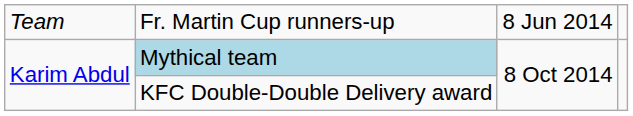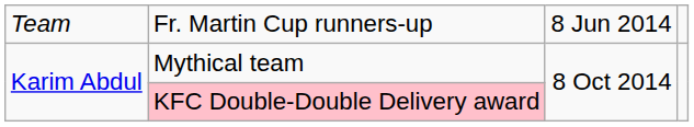 <table class=wikitable>
 <tr>
 <td><em>Team</em></td>
 <td>Fr. Martin Cup runners-up</td>
 <td align=right>8 Jun 2014</td>
 <td align=center></td>
 </tr>
 <tr>
 <td rowspan=2><a href='#'>Karim Abdul</a></td>
-<td style="background: lightblue;">Mythical team</td>
+<td>Mythical team</td>
 <td align=right rowspan=2>8 Oct 2014</td>
 <td align=center rowspan=2></td>
 </tr>
 <tr>
-<td>KFC Double-Double Delivery award</td>
+<td style="background: pink;">KFC Double-Double Delivery award</td>
 </tr>
 </table>
